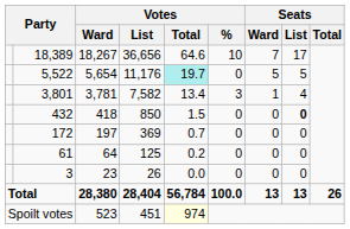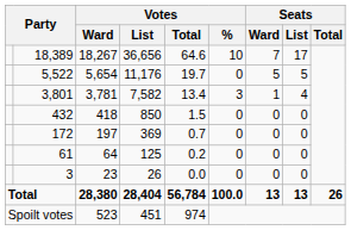 <table class=wikitable style="text-align:right">
 <tr>
 <th rowspan="2" colspan="2">Party</th>
 <th colspan="4" align="center">Votes</th>
 <th colspan="3" align="center">Seats</th>
 </tr>
 <tr>
 <th>Ward</th>
 <th>List</th>
 <th>Total</th>
 <th>%</th>
 <th>Ward</th>
 <th>List</th>
 <th>Total</th>
 </tr>
 <tr>
 <td></td>
 <td>18,389</td>
 <td>18,267</td>
 <td>36,656</td>
 <td>64.6</td>
 <td>10</td>
 <td>7</td>
 <td>17</td>
 </tr>
 <tr>
 <td></td>
 <td>5,522</td>
 <td>5,654</td>
 <td>11,176</td>
-<td style="background: paleturquoise;">19.7</td>
+<td>19.7</td>
 <td>0</td>
 <td>5</td>
 <td>5</td>
 </tr>
 <tr>
 <td></td>
 <td>3,801</td>
 <td>3,781</td>
 <td>7,582</td>
 <td>13.4</td>
 <td>3</td>
 <td>1</td>
 <td>4</td>
 </tr>
 <tr>
 <td></td>
 <td>432</td>
 <td>418</td>
 <td>850</td>
 <td>1.5</td>
 <td>0</td>
 <td>0</td>
-<td><strong>0</strong></td>
+<td>0</td>
 </tr>
 <tr>
 <td></td>
 <td>172</td>
 <td>197</td>
 <td>369</td>
 <td>0.7</td>
 <td>0</td>
 <td>0</td>
 <td>0</td>
 </tr>
 <tr>
 <td></td>
 <td>61</td>
 <td>64</td>
 <td>125</td>
 <td>0.2</td>
 <td>0</td>
 <td>0</td>
 <td>0</td>
 </tr>
 <tr>
 <td></td>
 <td>3</td>
 <td>23</td>
 <td>26</td>
 <td>0.0</td>
 <td>0</td>
 <td>0</td>
 <td>0</td>
 </tr>
 <tr>
 <td colspan="2" style="text-align:left"><strong>Total</strong></td>
 <td><strong>28,380</strong></td>
 <td><strong>28,404</strong></td>
 <td><strong>56,784</strong></td>
 <td><strong>100.0</strong></td>
 <td><strong>13</strong></td>
 <td><strong>13</strong></td>
 <td><strong>26</strong></td>
 </tr>
 <tr>
 <td colspan="2" style="text-align:left">Spoilt votes</td>
 <td>523</td>
 <td>451</td>
-<td style="background: lightyellow;">974</td>
+<td>974</td>
 </tr>
 </table>
